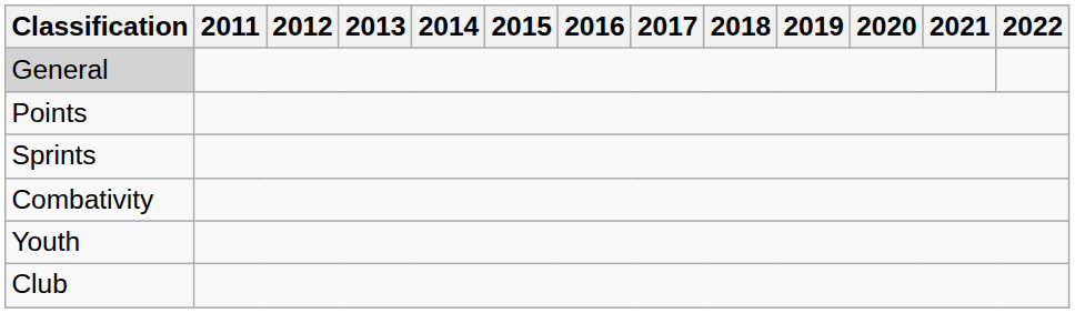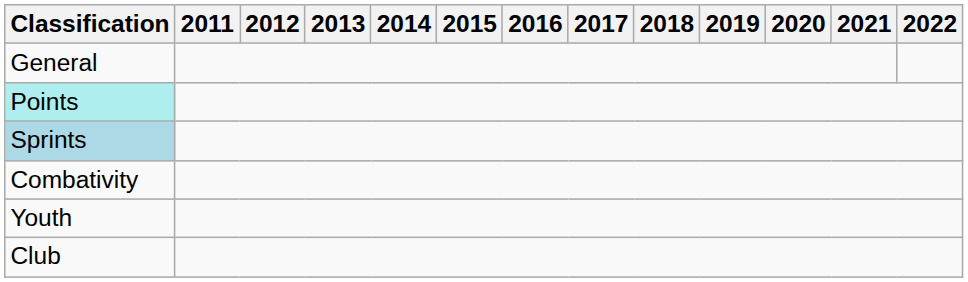 <table class="wikitable">
 <tr>
 <th>Classification</th>
 <th>2011</th>
 <th>2012</th>
 <th>2013</th>
 <th>2014</th>
 <th>2015</th>
 <th>2016</th>
 <th>2017</th>
 <th>2018</th>
 <th>2019</th>
 <th>2020</th>
 <th>2021</th>
 <th>2022</th>
 </tr>
 <tr>
-<td style="background: lightgrey;">General</td>
+<td>General</td>
 <td colspan="11" align="center"></td>
 <td colspan="1" align="center"></td>
 </tr>
 <tr>
-<td>Points</td>
+<td style="background: paleturquoise;">Points</td>
 <td colspan="12" align="center"></td>
 </tr>
 <tr>
-<td>Sprints</td>
+<td style="background: lightblue;">Sprints</td>
 <td colspan="12" align="center"></td>
 </tr>
 <tr>
 <td>Combativity</td>
 <td colspan="12" align="center"></td>
 </tr>
 <tr>
 <td>Youth</td>
 <td colspan="12" align="center"></td>
 </tr>
 <tr>
 <td>Club</td>
 <td colspan="12" align="center"></td>
 </tr>
 </table>
